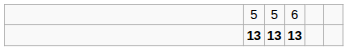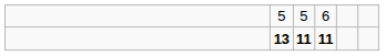 <table class="wikitable">
 <tr>
 <td style="width:18em"></td>
 <td align=center style="width:1em">5</td>
 <td align=center style="width:1em">5</td>
 <td align=center style="width:1em">6</td>
 <td align=center style="width:1em"></td>
 <td align=center style="width:1em"></td>
 </tr>
 <tr>
 <td style="width:18em"></td>
 <td align=center style="width:1em"><strong>13</strong></td>
-<td align=center style="width:1em"><strong>13</strong></td>
-<td align=center style="width:1em"><strong>13</strong></td>
+<td align=center style="width:1em"><strong>11</strong></td>
+<td align=center style="width:1em"><strong>11</strong></td>
 <td align=center style="width:1em"></td>
 <td align=center style="width:1em"></td>
 </tr>
 </table>
